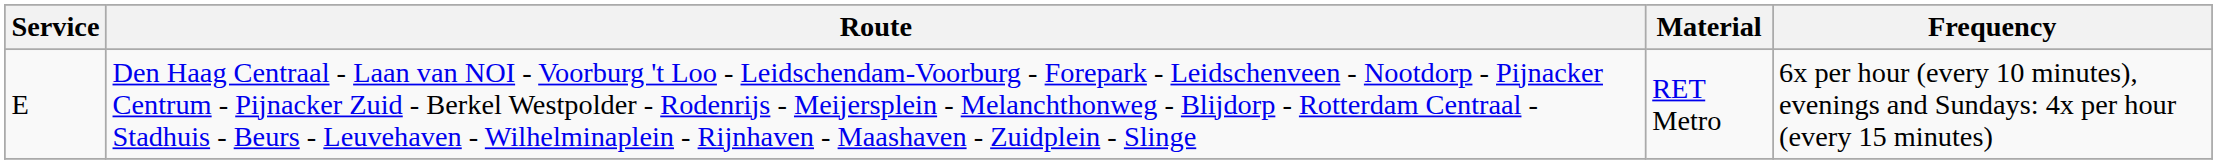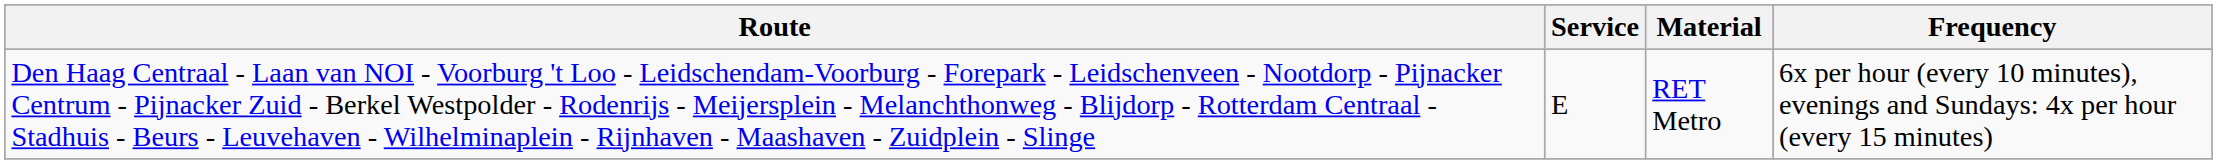 <table class="wikitable vatop">
 <tr>
+<th>Route</th>
 <th>Service</th>
-<th>Route</th>
 <th>Material</th>
 <th>Frequency</th>
 </tr>
 <tr>
+<td><a href='#'>Den Haag Centraal</a> - <a href='#'>Laan van NOI</a> - <a href='#'>Voorburg 't Loo</a> - <a href='#'>Leidschendam-Voorburg</a> - <a href='#'>Forepark</a> - <a href='#'>Leidschenveen</a> - <a href='#'>Nootdorp</a> - <a href='#'>Pijnacker Centrum</a> - <a href='#'>Pijnacker Zuid</a> - Berkel Westpolder - <a href='#'>Rodenrijs</a> - <a href='#'>Meijersplein</a> - <a href='#'>Melanchthonweg</a> - <a href='#'>Blijdorp</a> - <a href='#'>Rotterdam Centraal</a> - <a href='#'>Stadhuis</a> - <a href='#'>Beurs</a> - <a href='#'>Leuvehaven</a> - <a href='#'>Wilhelminaplein</a> - <a href='#'>Rijnhaven</a> - <a href='#'>Maashaven</a> - <a href='#'>Zuidplein</a> - <a href='#'>Slinge</a></td>
 <td>E</td>
-<td><a href='#'>Den Haag Centraal</a> - <a href='#'>Laan van NOI</a> - <a href='#'>Voorburg 't Loo</a> - <a href='#'>Leidschendam-Voorburg</a> - <a href='#'>Forepark</a> - <a href='#'>Leidschenveen</a> - <a href='#'>Nootdorp</a> - <a href='#'>Pijnacker Centrum</a> - <a href='#'>Pijnacker Zuid</a> - Berkel Westpolder - <a href='#'>Rodenrijs</a> - <a href='#'>Meijersplein</a> - <a href='#'>Melanchthonweg</a> - <a href='#'>Blijdorp</a> - <a href='#'>Rotterdam Centraal</a> - <a href='#'>Stadhuis</a> - <a href='#'>Beurs</a> - <a href='#'>Leuvehaven</a> - <a href='#'>Wilhelminaplein</a> - <a href='#'>Rijnhaven</a> - <a href='#'>Maashaven</a> - <a href='#'>Zuidplein</a> - <a href='#'>Slinge</a></td>
 <td><a href='#'>RET</a> Metro</td>
 <td>6x per hour (every 10 minutes), evenings and Sundays: 4x per hour (every 15 minutes)</td>
 </tr>
 </table>
